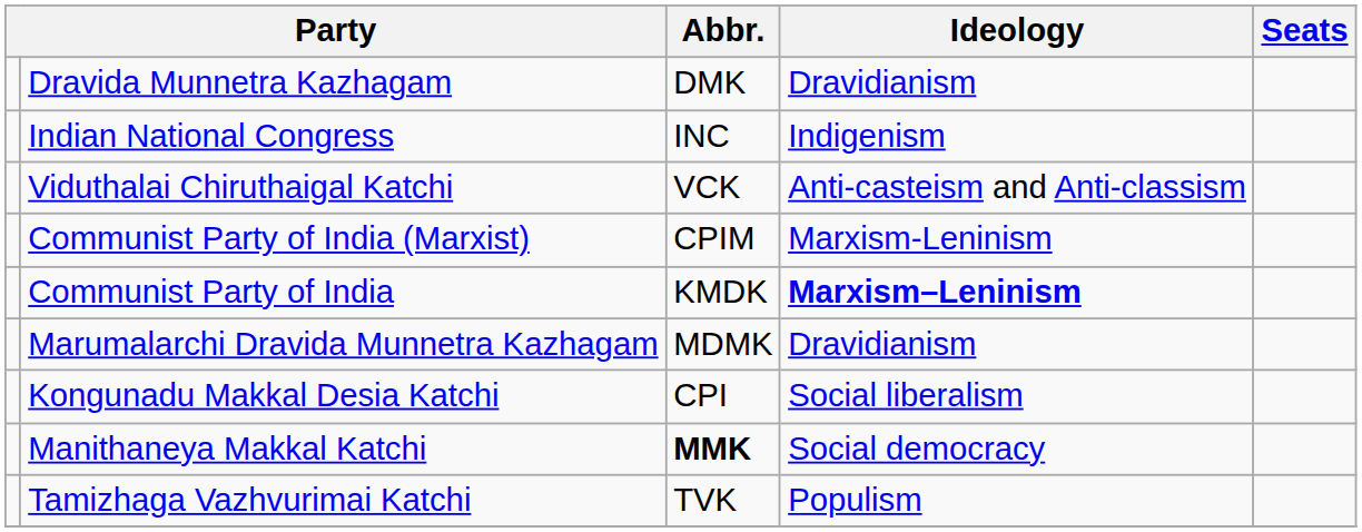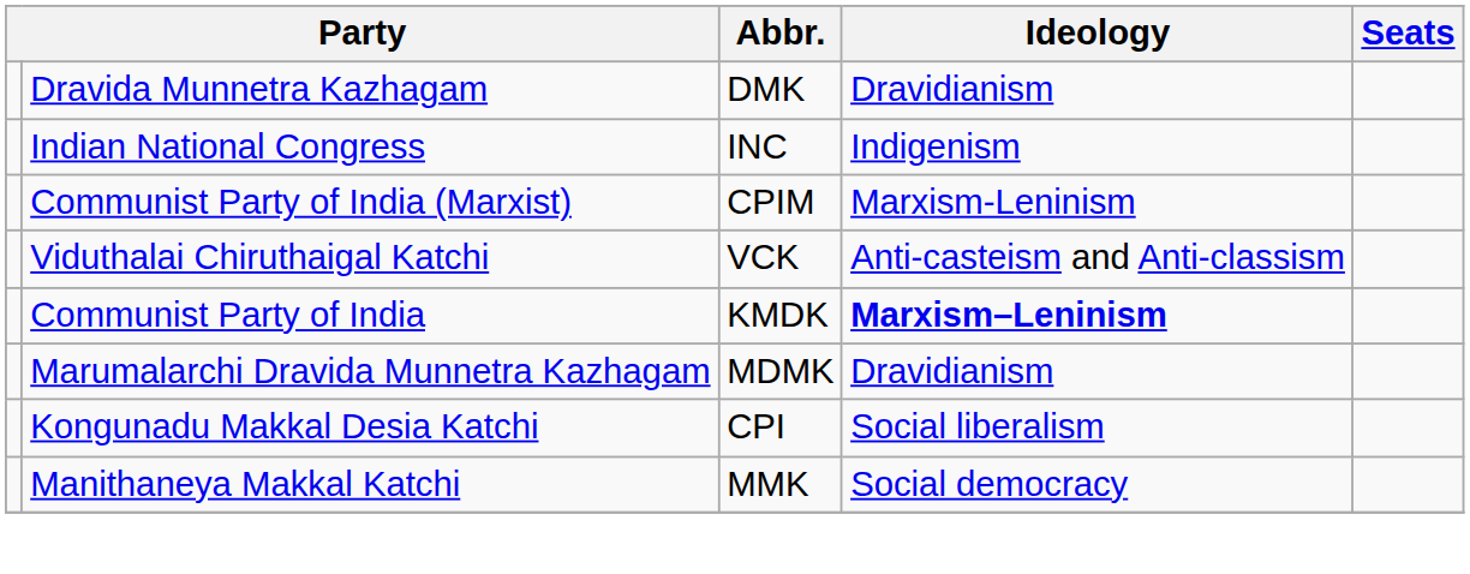 <table class="wikitable sortable" style="font-size:99%">
 <tr>
 <th colspan="2">Party</th>
 <th>Abbr.</th>
 <th>Ideology</th>
 <th><a href='#'>Seats</a></th>
 </tr>
 <tr>
 <td style="background-color: "></td>
 <td><a href='#'>Dravida Munnetra Kazhagam</a></td>
 <td>DMK</td>
 <td><a href='#'>Dravidianism</a></td>
 <td></td>
 </tr>
 <tr>
 <td style="background-color: "></td>
 <td><a href='#'>Indian National Congress</a></td>
 <td>INC</td>
 <td><a href='#'>Indigenism</a></td>
 <td></td>
 </tr>
 <tr>
 <td style="background-color: "></td>
-<td><a href='#'>Viduthalai Chiruthaigal Katchi</a></td>
-<td>VCK</td>
-<td><a href='#'>Anti-casteism</a> and <a href='#'>Anti-classism</a></td>
+<td><a href='#'>Communist Party of India (Marxist)</a></td>
+<td>CPIM</td>
+<td><a href='#'>Marxism-Leninism</a></td>
 <td></td>
 </tr>
 <tr>
 <td style="background-color: "></td>
-<td><a href='#'>Communist Party of India (Marxist)</a></td>
-<td>CPIM</td>
-<td><a href='#'>Marxism-Leninism</a></td>
+<td><a href='#'>Viduthalai Chiruthaigal Katchi</a></td>
+<td>VCK</td>
+<td><a href='#'>Anti-casteism</a> and <a href='#'>Anti-classism</a></td>
 <td></td>
 </tr>
 <tr>
 <td style="background-color: "></td>
 <td><a href='#'>Communist Party of India</a></td>
 <td>KMDK</td>
 <td><strong><a href='#'>Marxism–Leninism</a></strong></td>
 <td></td>
 </tr>
 <tr>
 <td style="background-color: "></td>
 <td><a href='#'>Marumalarchi Dravida Munnetra Kazhagam</a></td>
 <td>MDMK</td>
 <td><a href='#'>Dravidianism</a></td>
 <td>  </td>
 </tr>
 <tr>
 <td style="background-color: "></td>
 <td><a href='#'>Kongunadu Makkal Desia Katchi</a></td>
 <td>CPI</td>
 <td><a href='#'>Social liberalism</a></td>
 <td rowspan="1">  </td>
 </tr>
 <tr>
 <td style="background-color: "></td>
 <td><a href='#'>Manithaneya Makkal Katchi</a></td>
-<td><strong>MMK</strong></td>
+<td>MMK</td>
 <td><a href='#'>Social democracy</a></td>
 <td>  </td>
 </tr>
 <tr>
-<td></td>
-<td><a href='#'>Tamizhaga Vazhvurimai Katchi</a></td>
-<td>TVK</td>
-<td><a href='#'>Populism</a></td>
-<td rowspan="1"> </td>
-</tr>
-<tr>
 </tr>
 </table>
